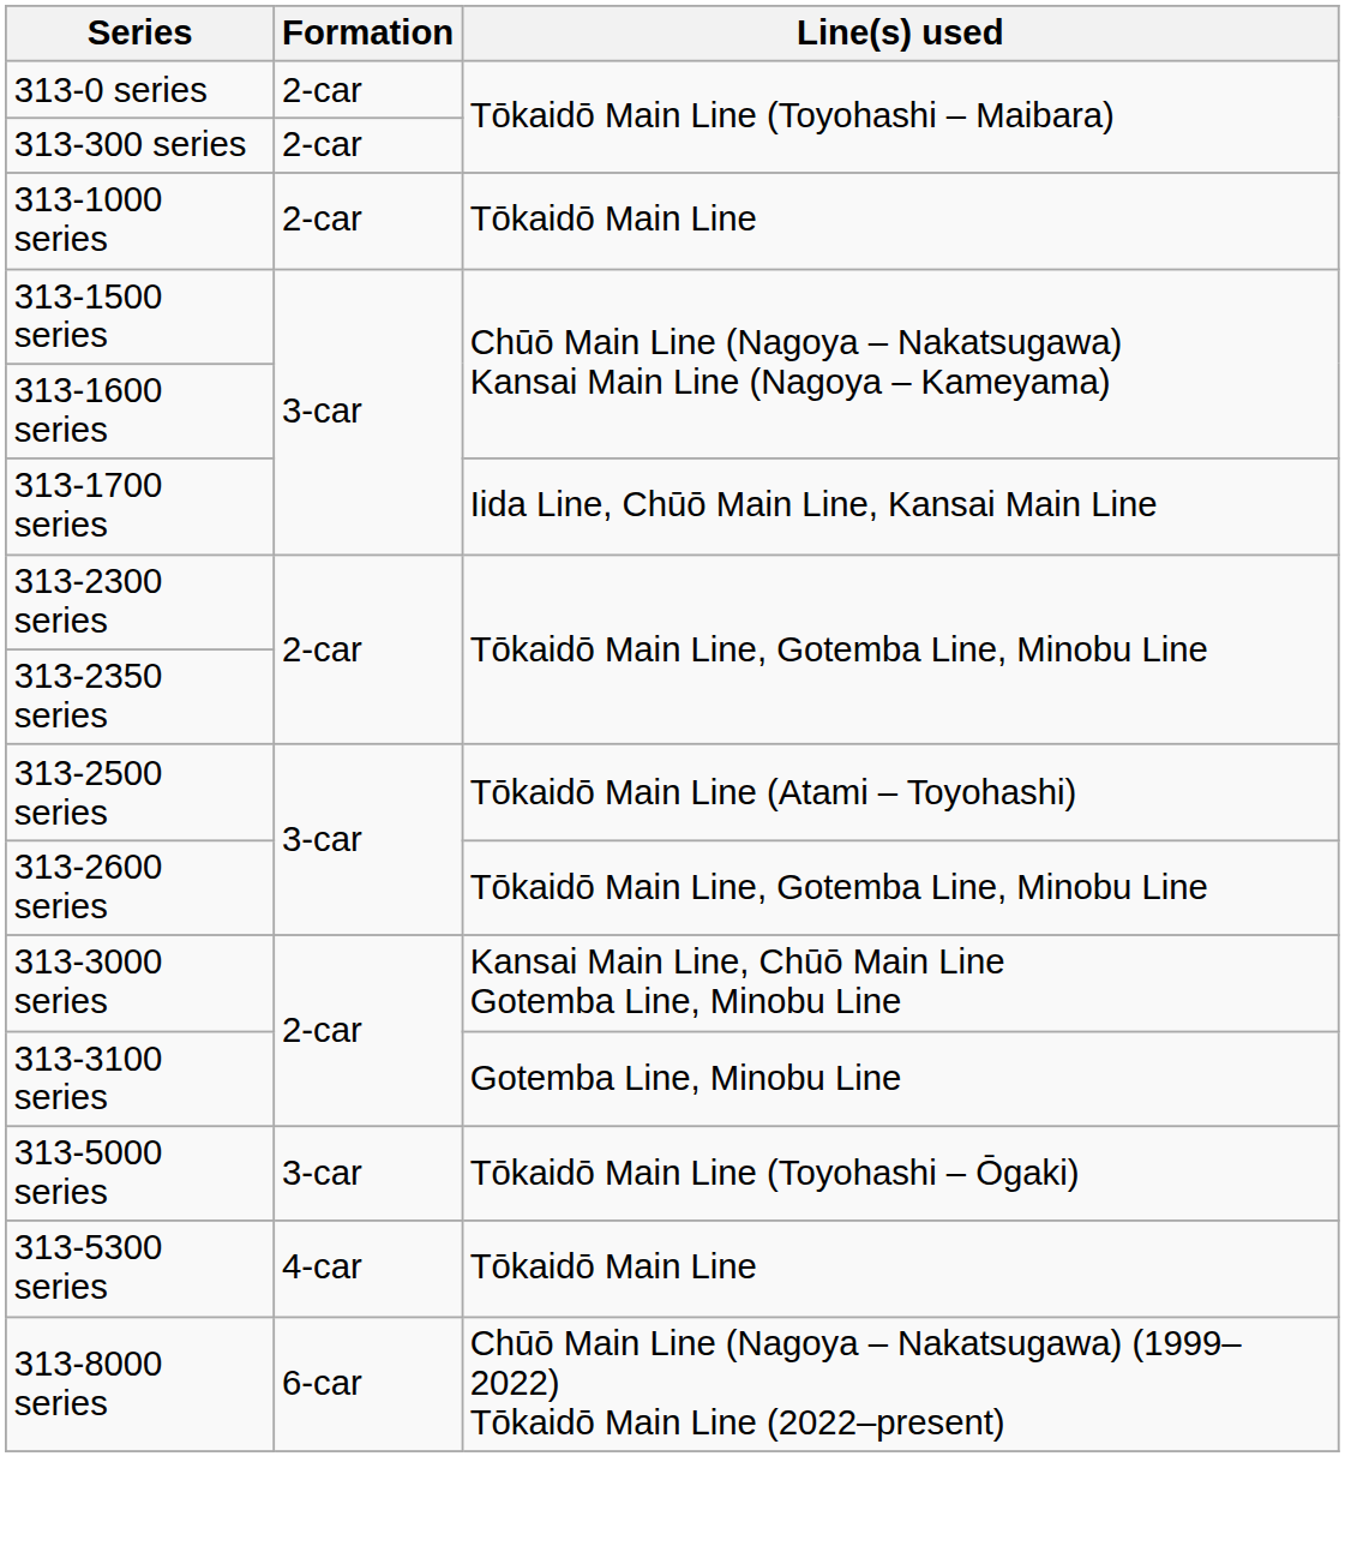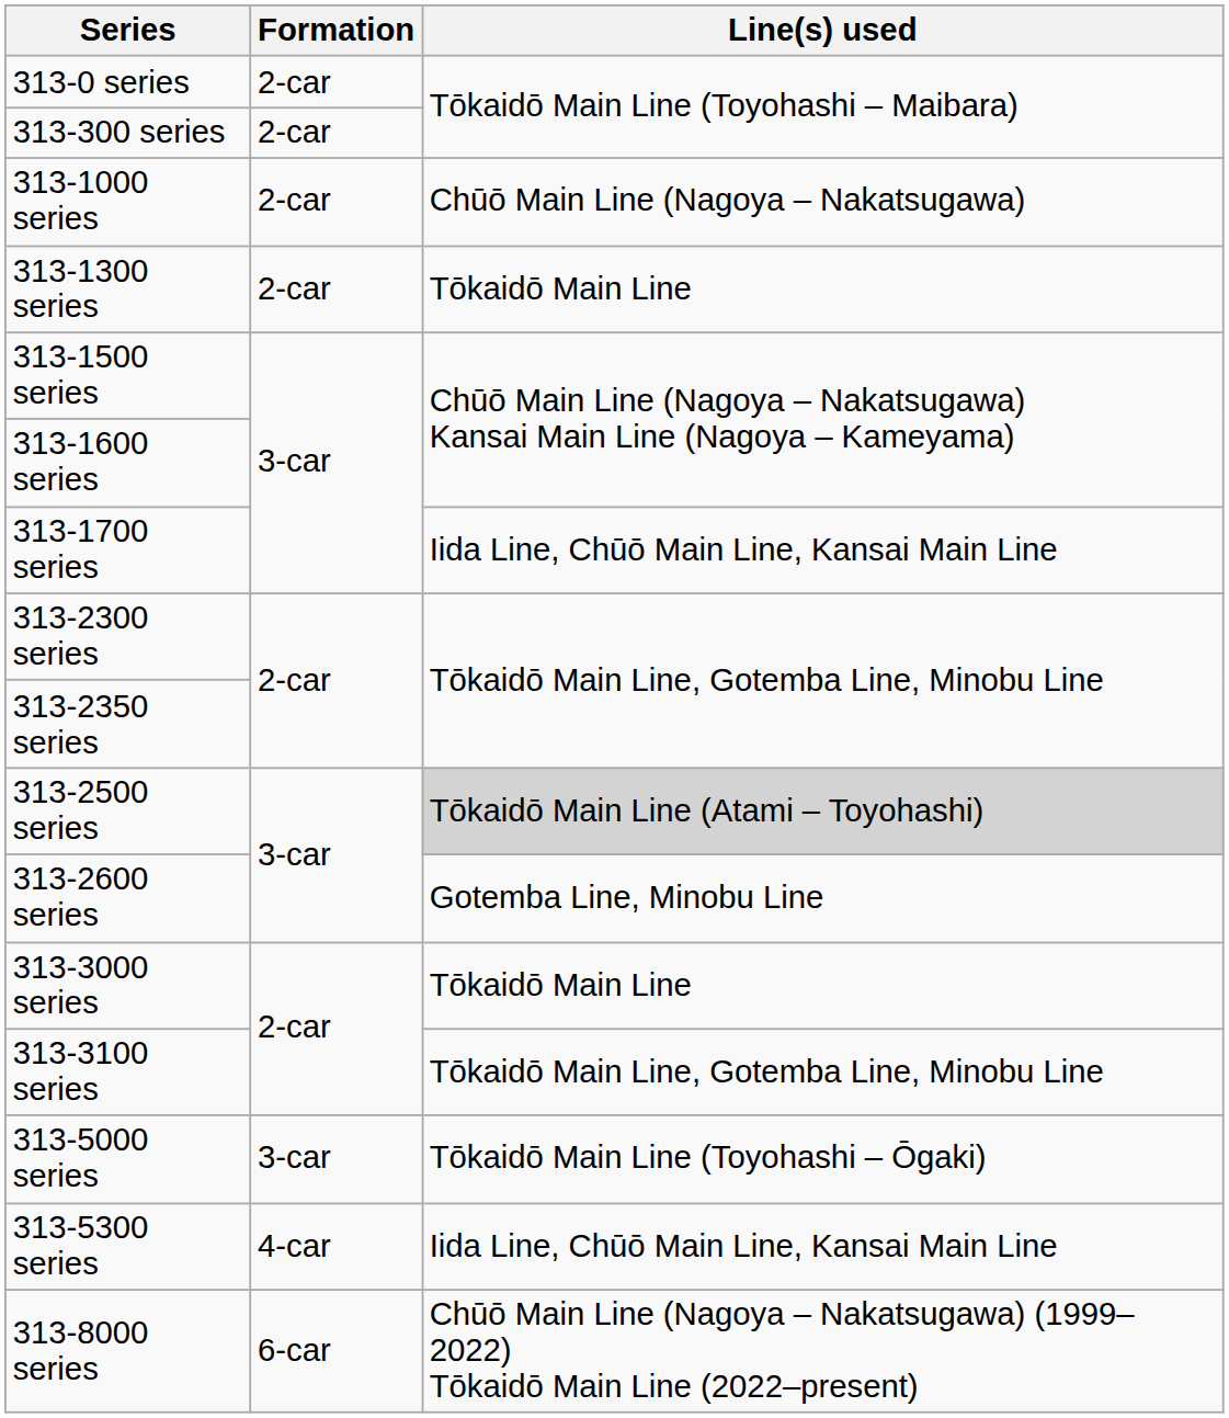 <table class="wikitable">
 <tr style="word-break:keep-all">
 <th>Series</th>
 <th>Formation</th>
 <th>Line(s) used</th>
 </tr>
 <tr>
 <td>313-0 series</td>
 <td>2-car</td>
 <td rowspan=2>Tōkaidō Main Line (Toyohashi – Maibara)</td>
 </tr>
 <tr>
 <td>313-300 series</td>
 <td>2-car</td>
 </tr>
 <tr>
 <td>313-1000 series</td>
+<td>2-car</td>
+<td>Chūō Main Line (Nagoya – Nakatsugawa)</td>
+</tr>
+<tr>
+<td>313-1300 series</td>
 <td>2-car</td>
 <td>Tōkaidō Main Line</td>
 </tr>
 <tr>
 <td>313-1500 series</td>
 <td rowspan=3>3-car</td>
 <td rowspan=2>Chūō Main Line (Nagoya – Nakatsugawa)<br>Kansai Main Line (Nagoya – Kameyama)</td>
 </tr>
 <tr>
 <td>313-1600 series</td>
 </tr>
 <tr>
 <td>313-1700 series</td>
 <td>Iida Line, Chūō Main Line, Kansai Main Line</td>
 </tr>
 <tr>
 <td>313-2300 series</td>
 <td rowspan=2>2-car</td>
 <td rowspan=2>Tōkaidō Main Line, Gotemba Line, Minobu Line</td>
 </tr>
 <tr>
 <td>313-2350 series</td>
 </tr>
 <tr>
 <td>313-2500 series</td>
 <td rowspan=2>3-car</td>
-<td>Tōkaidō Main Line (Atami – Toyohashi)</td>
+<td style="background: lightgrey;">Tōkaidō Main Line (Atami – Toyohashi)</td>
 </tr>
 <tr>
 <td>313-2600 series</td>
-<td>Tōkaidō Main Line, Gotemba Line, Minobu Line</td>
+<td>Gotemba Line, Minobu Line</td>
 </tr>
 <tr>
 <td>313-3000 series</td>
 <td rowspan=2>2-car</td>
-<td>Kansai Main Line, Chūō Main Line<br>Gotemba Line, Minobu Line</td>
+<td>Tōkaidō Main Line</td>
 </tr>
 <tr>
 <td>313-3100 series</td>
-<td>Gotemba Line, Minobu Line</td>
+<td>Tōkaidō Main Line, Gotemba Line, Minobu Line</td>
 </tr>
 <tr>
 <td>313-5000 series</td>
 <td>3-car</td>
 <td>Tōkaidō Main Line (Toyohashi – Ōgaki)</td>
 </tr>
 <tr>
 <td>313-5300 series</td>
 <td>4-car</td>
-<td>Tōkaidō Main Line</td>
+<td>Iida Line, Chūō Main Line, Kansai Main Line</td>
 </tr>
 <tr>
 <td>313-8000 series</td>
 <td>6-car</td>
 <td>Chūō Main Line (Nagoya – Nakatsugawa) (1999–2022)<br>Tōkaidō Main Line (2022–present)</td>
 </tr>
 </table>
